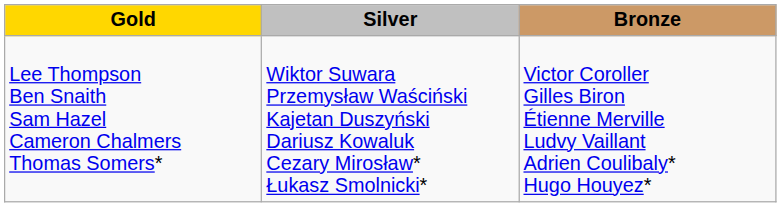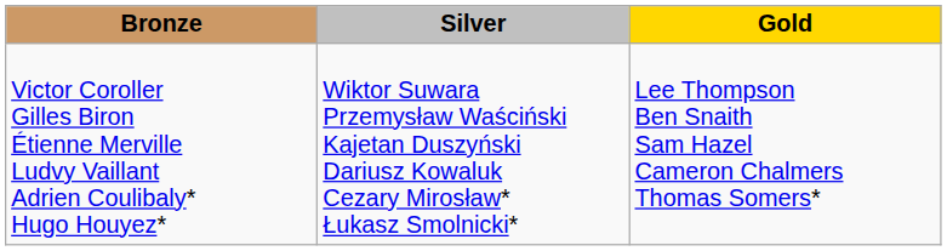 <table class="wikitable" style="text-align:left">
 <tr align="center">
+<td width=200 bgcolor=CC9966><strong>Bronze</strong></td>
+<td width=200 bgcolor=silver><strong>Silver</strong></td>
 <td width=200 bgcolor=gold><strong>Gold</strong></td>
-<td width=200 bgcolor=silver><strong>Silver</strong></td>
-<td width=200 bgcolor=CC9966><strong>Bronze</strong></td>
 </tr>
 <tr>
+<td valign=top><br><a href='#'>Victor Coroller</a><br><a href='#'>Gilles Biron</a><br><a href='#'>Étienne Merville</a><br><a href='#'>Ludvy Vaillant</a><br><a href='#'>Adrien Coulibaly</a>*<br><a href='#'>Hugo Houyez</a>*</td>
+<td valign=top><br><a href='#'>Wiktor Suwara</a><br><a href='#'>Przemysław Waściński</a><br><a href='#'>Kajetan Duszyński</a><br><a href='#'>Dariusz Kowaluk</a><br><a href='#'>Cezary Mirosław</a>*<br><a href='#'>Łukasz Smolnicki</a>*</td>
 <td valign=top><br><a href='#'>Lee Thompson</a><br><a href='#'>Ben Snaith</a><br><a href='#'>Sam Hazel</a><br><a href='#'>Cameron Chalmers</a><br><a href='#'>Thomas Somers</a>*</td>
-<td valign=top><br><a href='#'>Wiktor Suwara</a><br><a href='#'>Przemysław Waściński</a><br><a href='#'>Kajetan Duszyński</a><br><a href='#'>Dariusz Kowaluk</a><br><a href='#'>Cezary Mirosław</a>*<br><a href='#'>Łukasz Smolnicki</a>*</td>
-<td valign=top><br><a href='#'>Victor Coroller</a><br><a href='#'>Gilles Biron</a><br><a href='#'>Étienne Merville</a><br><a href='#'>Ludvy Vaillant</a><br><a href='#'>Adrien Coulibaly</a>*<br><a href='#'>Hugo Houyez</a>*</td>
 </tr>
 </table>
